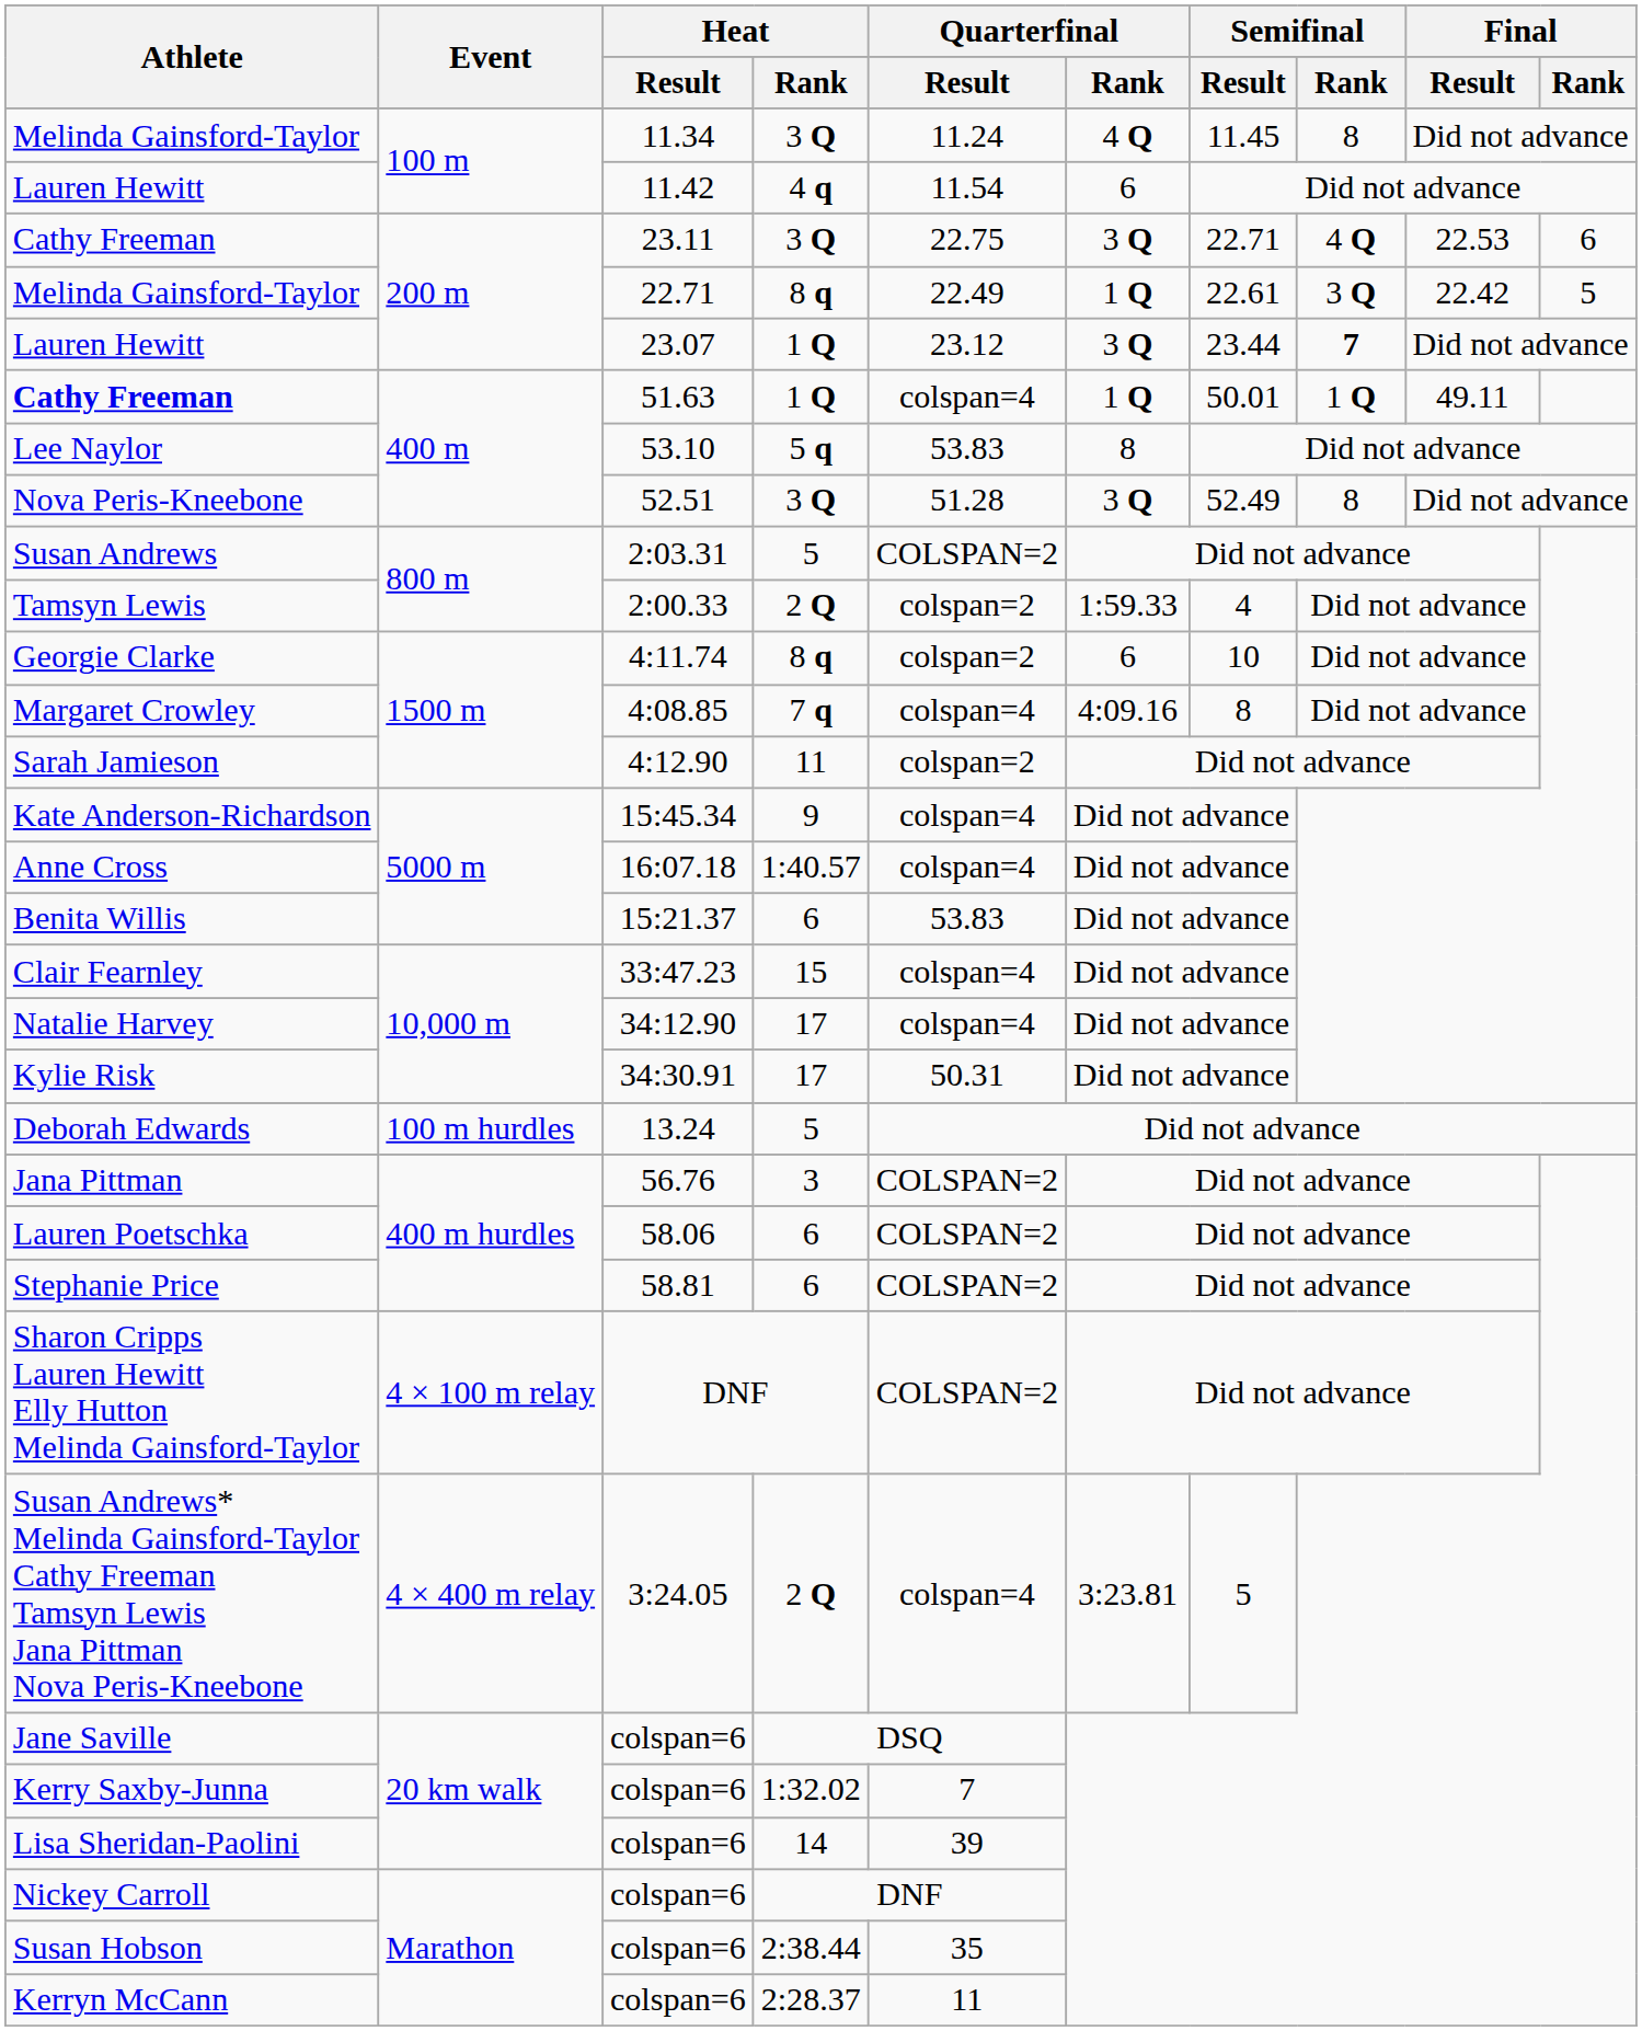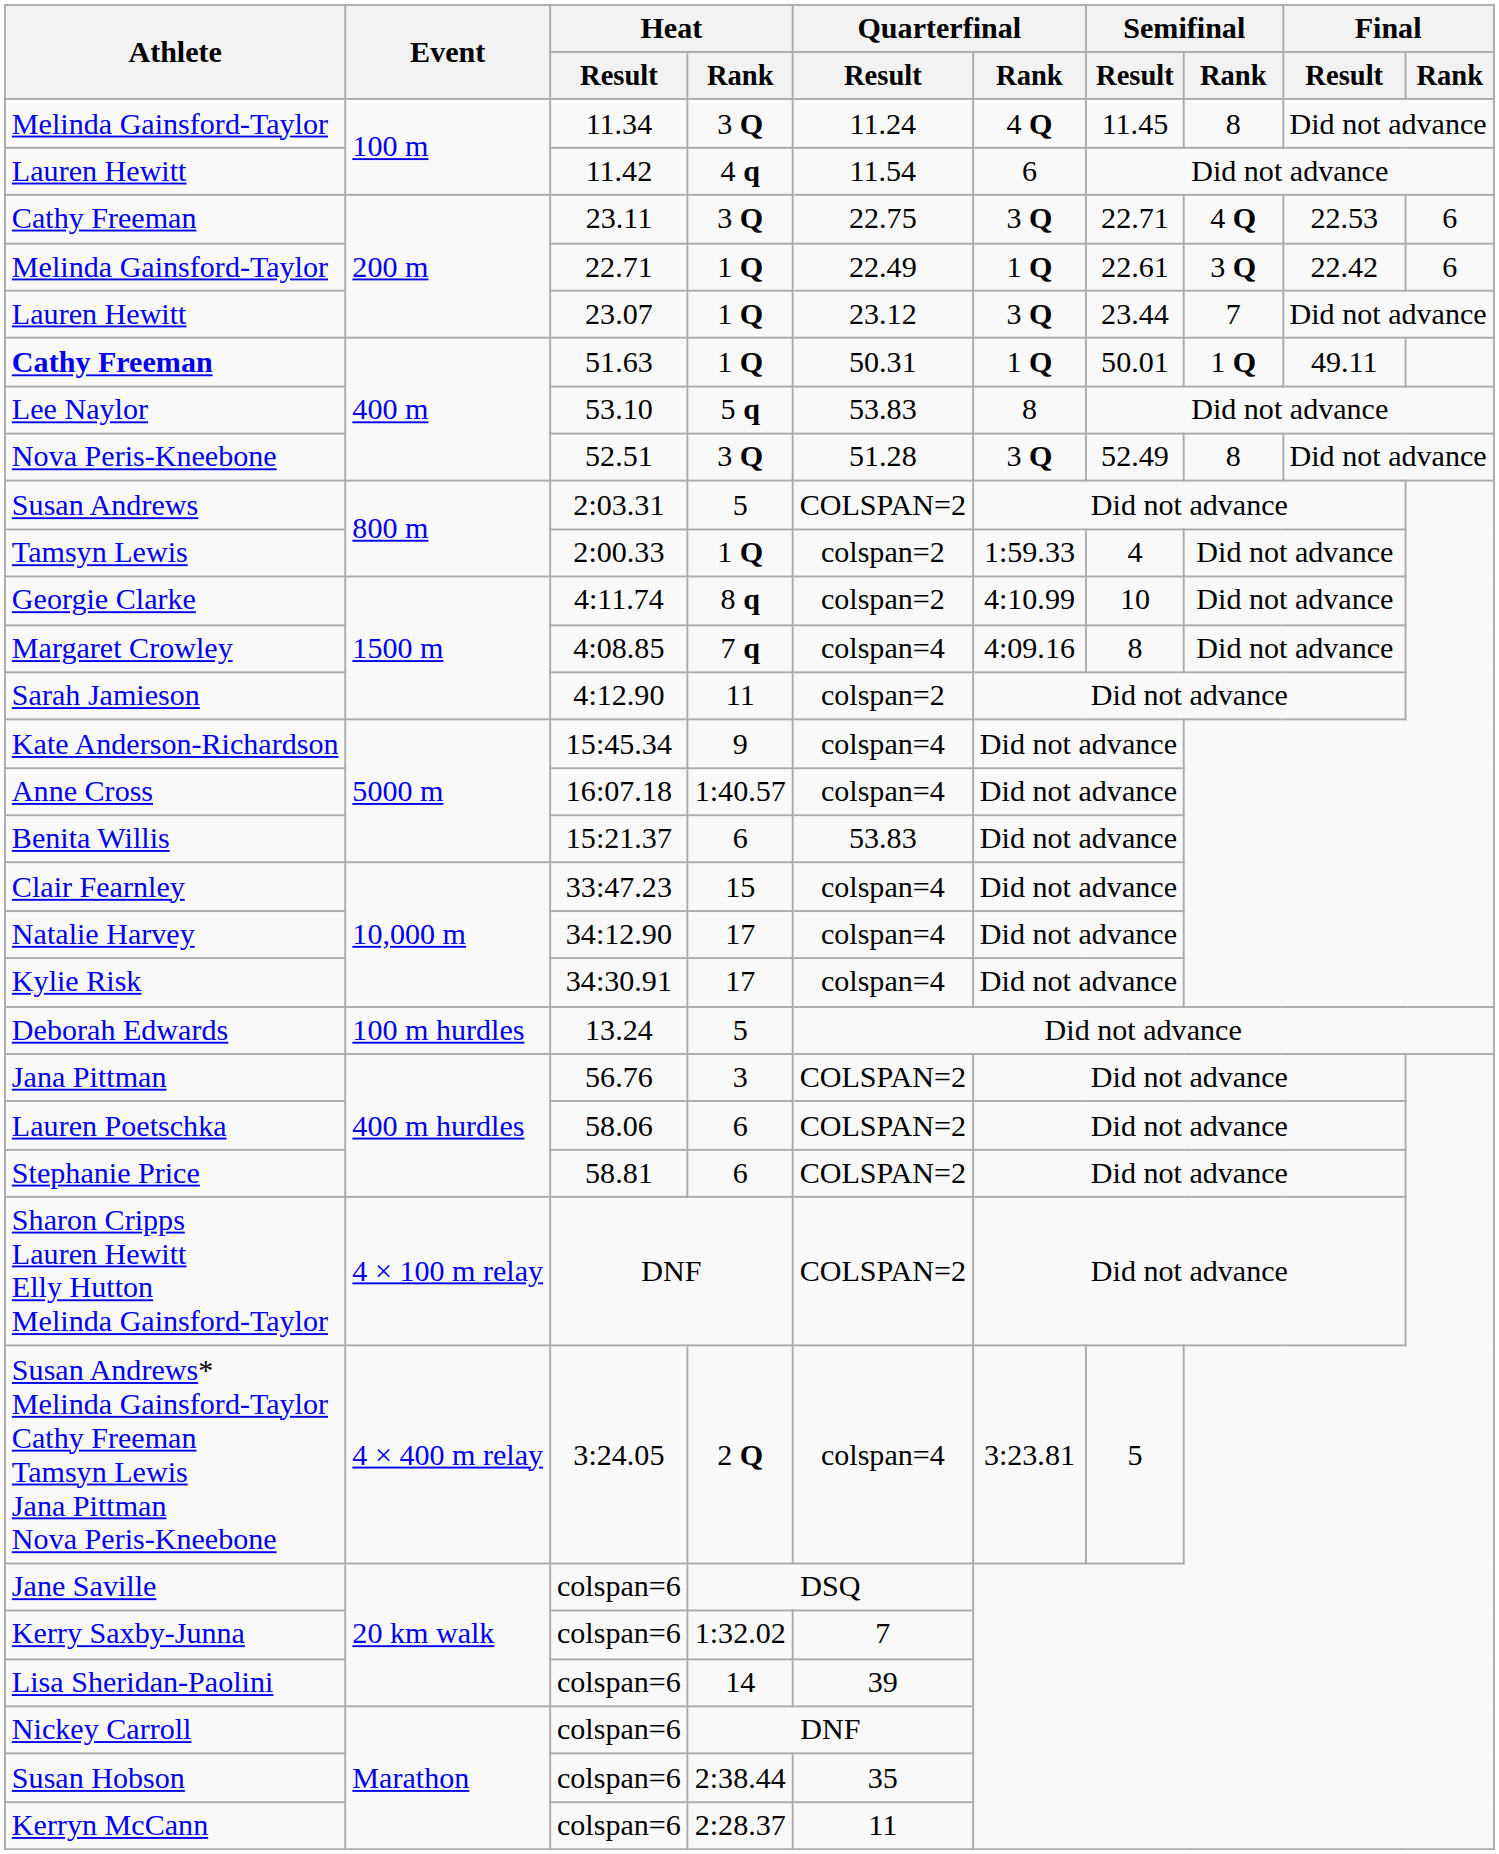 <table class="wikitable" style="font-size:100%;">
 <tr>
 <th rowspan="2">Athlete</th>
 <th rowspan="2">Event</th>
 <th colspan="2">Heat</th>
 <th colspan="2">Quarterfinal</th>
 <th colspan="2">Semifinal</th>
 <th colspan="2">Final</th>
 </tr>
 <tr style="font-size:95%">
 <th>Result</th>
 <th>Rank</th>
 <th>Result</th>
 <th>Rank</th>
 <th>Result</th>
 <th>Rank</th>
 <th>Result</th>
 <th>Rank</th>
 </tr>
 <tr align=center>
 <td align=left><a href='#'>Melinda Gainsford-Taylor</a></td>
 <td align=left rowspan=2><a href='#'>100 m</a></td>
 <td>11.34</td>
 <td>3 <strong>Q</strong></td>
 <td>11.24</td>
 <td>4 <strong>Q</strong></td>
 <td>11.45</td>
 <td>8</td>
 <td colspan=2>Did not advance</td>
 </tr>
 <tr ALIGN=CENTER>
 <td align=left><a href='#'>Lauren Hewitt</a></td>
 <td>11.42</td>
 <td>4 <strong>q</strong></td>
 <td>11.54</td>
 <td>6</td>
 <td COLSPAN=4>Did not advance</td>
 </tr>
 <tr align=center>
 <td align=left><a href='#'>Cathy Freeman</a></td>
 <td align=left rowspan=3><a href='#'>200 m</a></td>
 <td>23.11</td>
 <td>3 <strong>Q</strong></td>
 <td>22.75</td>
 <td>3 <strong>Q</strong></td>
 <td>22.71</td>
 <td>4 <strong>Q</strong></td>
 <td>22.53</td>
 <td>6</td>
 </tr>
 <tr align=center>
 <td align=left><a href='#'>Melinda Gainsford-Taylor</a></td>
 <td>22.71</td>
-<td>8 <strong>q</strong></td>
+<td>1 <strong>Q</strong></td>
 <td>22.49</td>
 <td>1 <strong>Q</strong></td>
 <td>22.61</td>
 <td>3 <strong>Q</strong></td>
 <td>22.42</td>
-<td>5</td>
+<td>6</td>
 </tr>
 <tr ALIGN=CENTER>
 <td align=left><a href='#'>Lauren Hewitt</a></td>
 <td>23.07</td>
 <td>1 <strong>Q</strong></td>
 <td>23.12</td>
 <td>3 <strong>Q</strong></td>
 <td>23.44</td>
-<td><strong>7</strong></td>
+<td>7</td>
 <td COLSPAN=2>Did not advance</td>
 </tr>
 <tr align=center>
 <td align=left><strong><a href='#'>Cathy Freeman</a></strong></td>
 <td align=left rowspan=3><a href='#'>400 m</a></td>
 <td>51.63</td>
 <td>1 <strong>Q</strong></td>
-<td>colspan=4 </td>
+<td>50.31</td>
 <td>1 <strong>Q</strong></td>
 <td>50.01</td>
 <td>1 <strong>Q</strong></td>
 <td>49.11</td>
 <td></td>
 </tr>
 <tr align=center>
 <td align=left><a href='#'>Lee Naylor</a></td>
 <td>53.10</td>
 <td>5 <strong>q</strong></td>
 <td>53.83</td>
 <td>8</td>
 <td COLSPAN=4>Did not advance</td>
 </tr>
 <tr align=center>
 <td align=left><a href='#'>Nova Peris-Kneebone</a></td>
 <td>52.51</td>
 <td>3 <strong>Q</strong></td>
 <td>51.28</td>
 <td>3 <strong>Q</strong></td>
 <td>52.49</td>
 <td>8</td>
 <td colspan=2>Did not advance</td>
 </tr>
 <tr align=center>
 <td align=left><a href='#'>Susan Andrews</a></td>
 <td align=left rowspan=2><a href='#'>800 m</a></td>
 <td>2:03.31</td>
 <td>5</td>
 <td>COLSPAN=2 </td>
 <td colspan=4>Did not advance</td>
 </tr>
 <tr align=center>
 <td align=left><a href='#'>Tamsyn Lewis</a></td>
 <td>2:00.33</td>
-<td>2 <strong>Q</strong></td>
+<td>1 <strong>Q</strong></td>
 <td>colspan=2 </td>
 <td>1:59.33</td>
 <td>4</td>
 <td colspan=2>Did not advance</td>
 </tr>
 <tr align=center>
 <td align=left><a href='#'>Georgie Clarke</a></td>
 <td align=left rowspan=3><a href='#'>1500 m</a></td>
 <td>4:11.74</td>
 <td>8 <strong>q</strong></td>
 <td>colspan=2 </td>
-<td>6</td>
+<td>4:10.99</td>
 <td>10</td>
 <td colspan=2>Did not advance</td>
 </tr>
 <tr align=center>
 <td align=left><a href='#'>Margaret Crowley</a></td>
 <td>4:08.85</td>
 <td>7 <strong>q</strong></td>
 <td>colspan=4 </td>
 <td>4:09.16</td>
 <td>8</td>
 <td colspan=2>Did not advance</td>
 </tr>
 <tr align=center>
 <td align=left><a href='#'>Sarah Jamieson</a></td>
 <td>4:12.90</td>
 <td>11</td>
 <td>colspan=2 </td>
 <td colspan=4>Did not advance</td>
 </tr>
 <tr align=center>
 <td align=left><a href='#'>Kate Anderson-Richardson</a></td>
 <td rowspan=3 align=left><a href='#'>5000 m</a></td>
 <td>15:45.34</td>
 <td>9</td>
 <td>colspan=4 </td>
 <td colspan=2>Did not advance</td>
 </tr>
 <tr align=center>
 <td align=left><a href='#'>Anne Cross</a></td>
 <td>16:07.18</td>
 <td>1:40.57</td>
 <td>colspan=4 </td>
 <td colspan=2>Did not advance</td>
 </tr>
 <tr align=center>
 <td align=left><a href='#'>Benita Willis</a></td>
 <td>15:21.37</td>
 <td>6</td>
 <td>53.83</td>
 <td colspan=2>Did not advance</td>
 </tr>
 <tr align=center>
 <td align=left><a href='#'>Clair Fearnley</a></td>
 <td align=left rowspan=3><a href='#'>10,000 m</a></td>
 <td>33:47.23</td>
 <td>15</td>
 <td>colspan=4 </td>
 <td colspan=2>Did not advance</td>
 </tr>
 <tr align=center>
 <td align=left><a href='#'>Natalie Harvey</a></td>
 <td>34:12.90</td>
 <td>17</td>
 <td>colspan=4 </td>
 <td colspan=2>Did not advance</td>
 </tr>
 <tr align=center>
 <td align=left><a href='#'>Kylie Risk</a></td>
 <td>34:30.91</td>
 <td>17</td>
-<td>50.31</td>
+<td>colspan=4 </td>
 <td colspan=2>Did not advance</td>
 </tr>
 <tr align=center>
 <td align=left><a href='#'>Deborah Edwards</a></td>
 <td align=left><a href='#'>100 m hurdles</a></td>
 <td>13.24</td>
 <td>5</td>
 <td colspan=6>Did not advance</td>
 </tr>
 <tr align=center>
 <td align=left><a href='#'>Jana Pittman</a></td>
 <td align=left rowspan=3><a href='#'>400 m hurdles</a></td>
 <td>56.76</td>
 <td>3</td>
 <td>COLSPAN=2 </td>
 <td colspan=4>Did not advance</td>
 </tr>
 <tr align=center>
 <td align=left><a href='#'>Lauren Poetschka</a></td>
 <td>58.06</td>
 <td>6</td>
 <td>COLSPAN=2 </td>
 <td colspan=4>Did not advance</td>
 </tr>
 <tr align=center>
 <td align=left><a href='#'>Stephanie Price</a></td>
 <td>58.81</td>
 <td>6</td>
 <td>COLSPAN=2 </td>
 <td colspan=4>Did not advance</td>
 </tr>
 <tr align=center>
 <td align=left><a href='#'>Sharon Cripps</a><br><a href='#'>Lauren Hewitt</a><br><a href='#'>Elly Hutton</a><br><a href='#'>Melinda Gainsford-Taylor</a></td>
 <td><a href='#'>4 × 100 m relay</a></td>
 <td colspan=2>DNF</td>
 <td>COLSPAN=2 </td>
 <td colspan=4>Did not advance</td>
 </tr>
 <tr align=center>
 <td align=left><a href='#'>Susan Andrews</a>*<br><a href='#'>Melinda Gainsford-Taylor</a><br><a href='#'>Cathy Freeman</a><br><a href='#'>Tamsyn Lewis</a><br><a href='#'>Jana Pittman</a><br><a href='#'>Nova Peris-Kneebone</a></td>
 <td><a href='#'>4 × 400 m relay</a></td>
 <td>3:24.05</td>
 <td>2 <strong>Q</strong></td>
 <td>colspan=4 </td>
 <td>3:23.81</td>
 <td>5</td>
 </tr>
 <tr align=center>
 <td align=left><a href='#'>Jane Saville</a></td>
 <td rowspan=3 align=left><a href='#'>20 km walk</a></td>
 <td>colspan=6 </td>
 <td colspan=2>DSQ</td>
 </tr>
 <tr align=center>
 <td align=left><a href='#'>Kerry Saxby-Junna</a></td>
 <td>colspan=6 </td>
 <td>1:32.02</td>
 <td>7</td>
 </tr>
 <tr align=center>
 <td align=left><a href='#'>Lisa Sheridan-Paolini</a></td>
 <td>colspan=6 </td>
 <td>14</td>
 <td>39</td>
 </tr>
 <tr align=center>
 <td align=left><a href='#'>Nickey Carroll</a></td>
 <td rowspan=3 align=left><a href='#'>Marathon</a></td>
 <td>colspan=6 </td>
 <td colspan=2>DNF</td>
 </tr>
 <tr align=center>
 <td align=left><a href='#'>Susan Hobson</a></td>
 <td>colspan=6 </td>
 <td>2:38.44</td>
 <td>35</td>
 </tr>
 <tr align=center>
 <td align=left><a href='#'>Kerryn McCann</a></td>
 <td>colspan=6 </td>
 <td>2:28.37</td>
 <td>11</td>
 </tr>
 </table>
